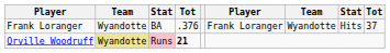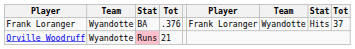 <table class="wikitable">
 <tr>
 <th>Player</th>
 <th>Team</th>
 <th>Stat</th>
 <th>Tot</th>
 <th></th>
 <th>Player</th>
 <th>Team</th>
 <th>Stat</th>
 <th>Tot</th>
 </tr>
 <tr>
 <td>Frank Loranger</td>
 <td>Wyandotte</td>
 <td>BA</td>
 <td>.376</td>
 <td></td>
 <td>Frank Loranger</td>
 <td>Wyandotte</td>
 <td>Hits</td>
 <td>37</td>
 </tr>
 <tr>
 <td><a href='#'>Orville Woodruff</a></td>
-<td style="background: khaki;">Wyandotte</td>
+<td>Wyandotte</td>
 <td style="background: pink;">Runs</td>
-<td><strong>21</strong></td>
+<td>21</td>
 <td></td>
 </tr>
 </table>
